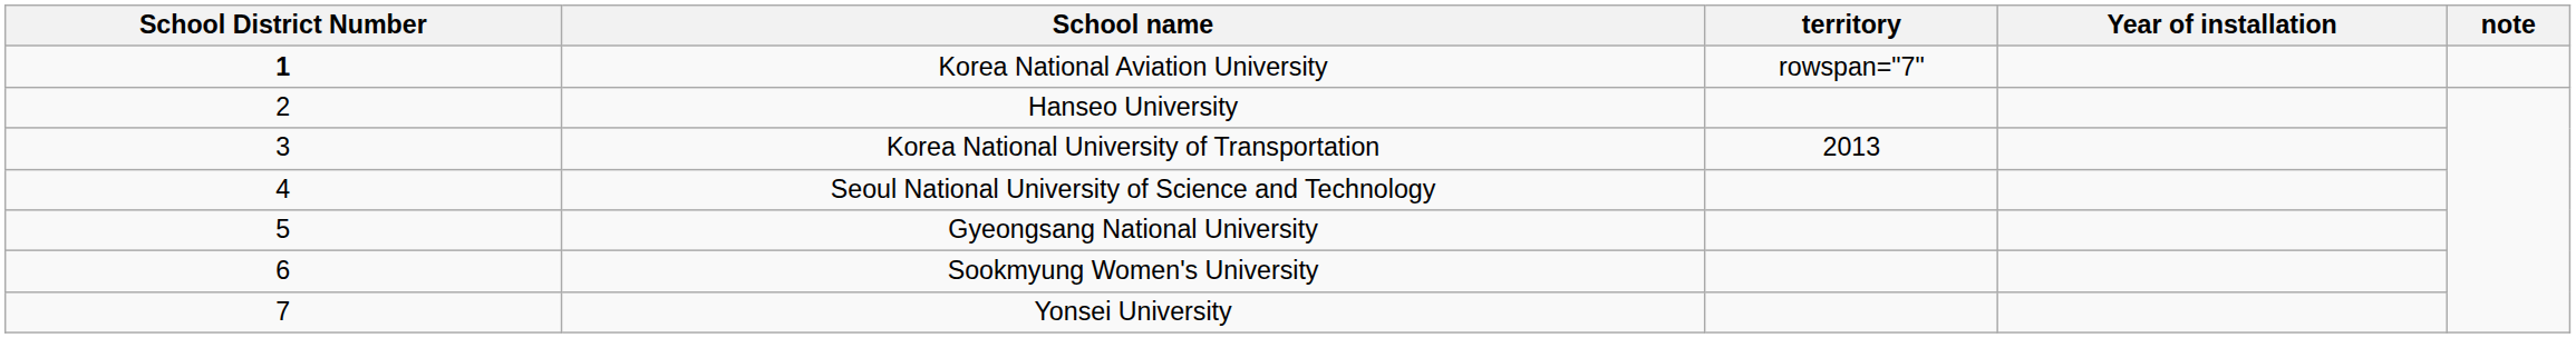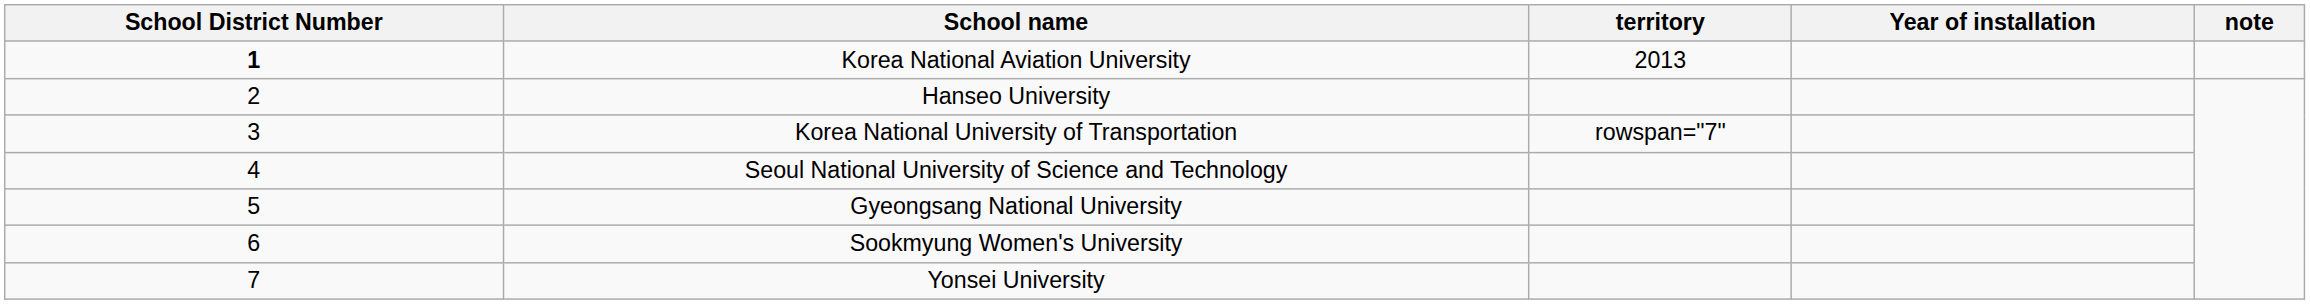 <table class="wikitable" style="width:80%; text-align:center;">
 <tr>
 <th>School District Number</th>
 <th>School name</th>
 <th>territory</th>
 <th>Year of installation</th>
 <th>note</th>
 </tr>
 <tr>
 <td><strong>1</strong></td>
 <td>Korea National Aviation University</td>
-<td>rowspan="7" </td>
+<td>2013</td>
 <td></td>
 <td></td>
 </tr>
 <tr>
 <td>2</td>
 <td>Hanseo University</td>
 <td></td>
 <td></td>
 </tr>
 <tr>
 <td>3</td>
 <td>Korea National University of Transportation</td>
-<td>2013</td>
+<td>rowspan="7" </td>
 <td></td>
 </tr>
 <tr>
 <td>4</td>
 <td>Seoul National University of Science and Technology</td>
 <td></td>
 <td></td>
 </tr>
 <tr>
 <td>5</td>
 <td>Gyeongsang National University</td>
 <td></td>
 <td></td>
 </tr>
 <tr>
 <td>6</td>
 <td>Sookmyung Women's University</td>
 <td></td>
 <td></td>
 </tr>
 <tr>
 <td>7</td>
 <td>Yonsei University</td>
 <td></td>
 <td></td>
 </tr>
 </table>
